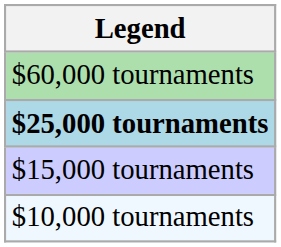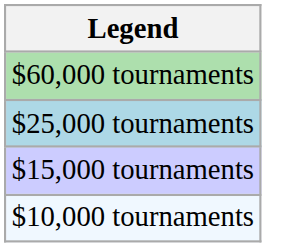 <table class="wikitable" style="font-size:85%;">
 <tr>
 <th>Legend</th>
 </tr>
 <tr style="background:#addfad;">
 <td>$60,000 tournaments</td>
 </tr>
 <tr style="background:lightblue;">
-<td><strong>$25,000 tournaments</strong></td>
+<td>$25,000 tournaments</td>
 </tr>
 <tr style="background:#ccccff;">
 <td>$15,000 tournaments</td>
 </tr>
 <tr style="background:#f0f8ff;">
 <td>$10,000 tournaments</td>
 </tr>
 </table>
